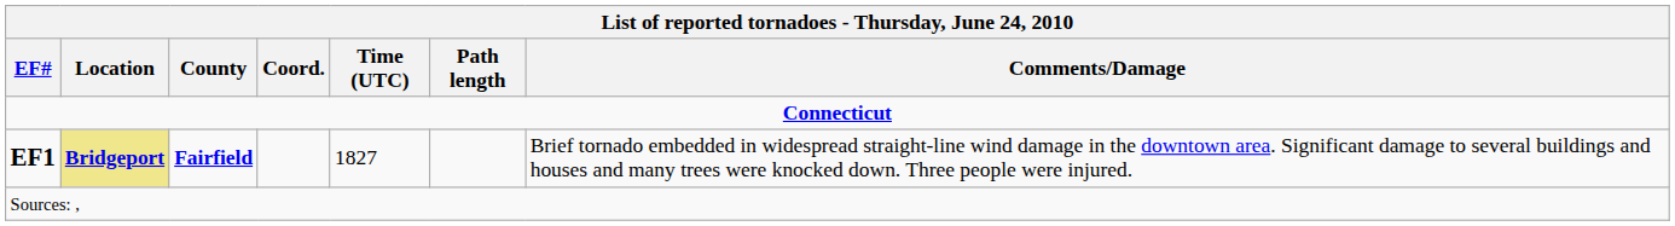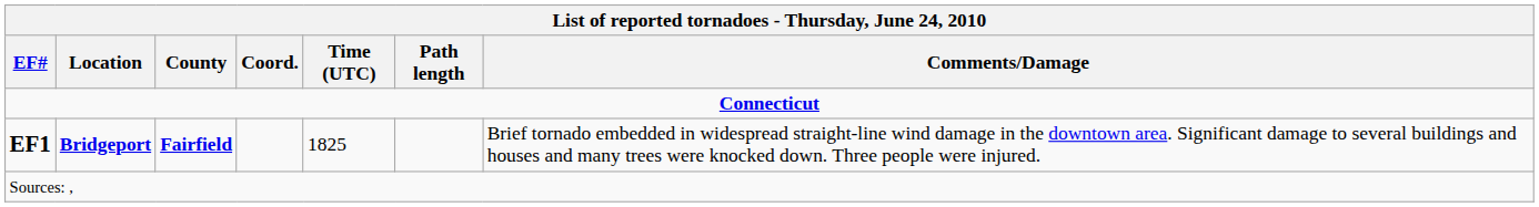 <table class="wikitable collapsible" width="100%">
 <tr>
 <th colspan="7">List of reported tornadoes - Thursday, June 24, 2010</th>
 </tr>
 <tr>
 <th><a href='#'>EF#</a></th>
 <th>Location</th>
 <th>County</th>
 <th>Coord.</th>
 <th>Time (UTC)</th>
 <th>Path length</th>
 <th>Comments/Damage</th>
 </tr>
 <tr>
 <td colspan="7" align=center><strong><a href='#'>Connecticut</a></strong></td>
 </tr>
 <tr>
 <td><big><strong>EF1</strong></big></td>
-<td style="background: khaki;"><strong><a href='#'>Bridgeport</a></strong></td>
+<td><strong><a href='#'>Bridgeport</a></strong></td>
 <td><strong><a href='#'>Fairfield</a></strong></td>
 <td></td>
-<td>1827</td>
+<td>1825</td>
 <td></td>
 <td>Brief tornado embedded in widespread straight-line wind damage in the <a href='#'>downtown area</a>. Significant damage to several buildings and houses and many trees were knocked down. Three people were injured.</td>
 </tr>
 <tr>
 <td colspan="7"><small>Sources: , </small></td>
 </tr>
 </table>
